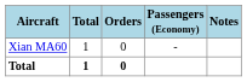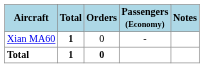 <table class="toccolours" border="1" cellpadding="3" style="margin:1em auto; border-collapse:collapse">
 <tr bgcolor=lightblue>
 <th>Aircraft</th>
 <th>Total</th>
 <th>Orders</th>
 <th>Passengers<br><small>(Economy)</small></th>
 <th>Notes</th>
 </tr>
 <tr>
 <td><a href='#'>Xian MA60</a></td>
-<td align="center">1</td>
+<td align="center"><strong>1</strong></td>
 <td align="center">0</td>
 <td align="center">-</td>
 <td></td>
 </tr>
 <tr>
 <td><strong>Total</strong></td>
 <th>1</th>
 <th>0</th>
 <th></th>
 </tr>
 </table>
